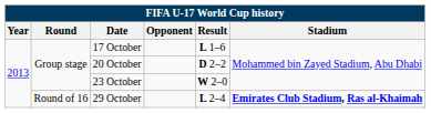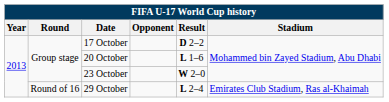 <table class="wikitable" style="text-align: center;font-size:100%;">
 <tr>
 <th colspan=6 style="background: #013A5E; color: #FFFFFF;">FIFA U-17 World Cup history</th>
 </tr>
 <tr>
 <th>Year</th>
 <th>Round</th>
 <th>Date</th>
 <th>Opponent</th>
 <th>Result</th>
 <th>Stadium</th>
 </tr>
 <tr>
 <td rowspan=4> <a href='#'>2013</a></td>
 <td rowspan=3>Group stage</td>
 <td align="left">17 October</td>
 <td align="left"></td>
-<td><strong>L</strong> 1–6</td>
+<td><strong>D</strong> 2–2</td>
 <td rowspan=3 align="left"><a href='#'>Mohammed bin Zayed Stadium</a>, <a href='#'>Abu Dhabi</a></td>
 </tr>
 <tr>
 <td align="left">20 October</td>
 <td align="left"></td>
-<td><strong>D</strong> 2–2</td>
+<td><strong>L</strong> 1–6</td>
 </tr>
 <tr>
 <td align="left">23 October</td>
 <td align="left"></td>
 <td><strong>W</strong> 2–0</td>
 </tr>
 <tr>
 <td>Round of 16</td>
 <td align="left">29 October</td>
 <td align="left"></td>
 <td><strong>L</strong> 2–4</td>
-<td align="left"><strong><a href='#'>Emirates Club Stadium</a>, <a href='#'>Ras al-Khaimah</a></strong></td>
+<td align="left"><a href='#'>Emirates Club Stadium</a>, <a href='#'>Ras al-Khaimah</a></td>
 </tr>
 </table>
